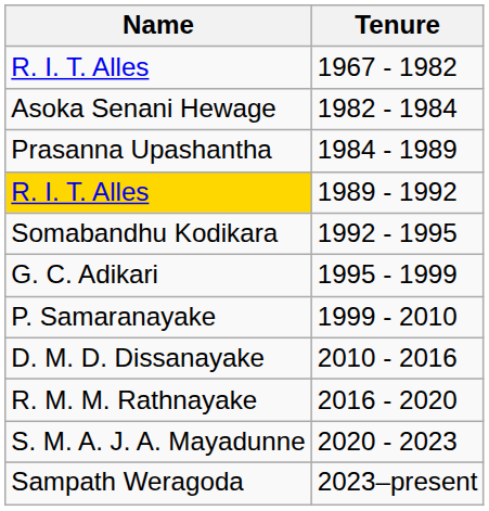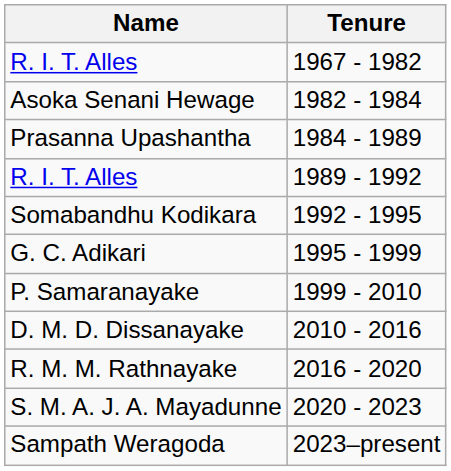 <table class="wikitable">
 <tr>
 <th>Name</th>
 <th>Tenure</th>
 </tr>
 <tr>
 <td><a href='#'>R. I. T. Alles</a></td>
 <td>1967 - 1982</td>
 </tr>
 <tr>
 <td>Asoka Senani Hewage</td>
 <td>1982 - 1984</td>
 </tr>
 <tr>
 <td>Prasanna Upashantha</td>
 <td>1984 - 1989</td>
 </tr>
 <tr>
-<td style="background: gold;"><a href='#'>R. I. T. Alles</a></td>
+<td><a href='#'>R. I. T. Alles</a></td>
 <td>1989 - 1992</td>
 </tr>
 <tr>
 <td>Somabandhu Kodikara</td>
 <td>1992 - 1995</td>
 </tr>
 <tr>
 <td>G. C. Adikari</td>
 <td>1995 - 1999</td>
 </tr>
 <tr>
 <td>P. Samaranayake</td>
 <td>1999 - 2010</td>
 </tr>
 <tr>
 <td>D. M. D. Dissanayake</td>
 <td>2010 - 2016</td>
 </tr>
 <tr>
 <td>R. M. M. Rathnayake</td>
 <td>2016 - 2020</td>
 </tr>
 <tr>
 <td>S. M. A. J. A. Mayadunne</td>
 <td>2020 - 2023</td>
 </tr>
 <tr>
 <td>Sampath Weragoda</td>
 <td>2023–present</td>
 </tr>
 </table>
